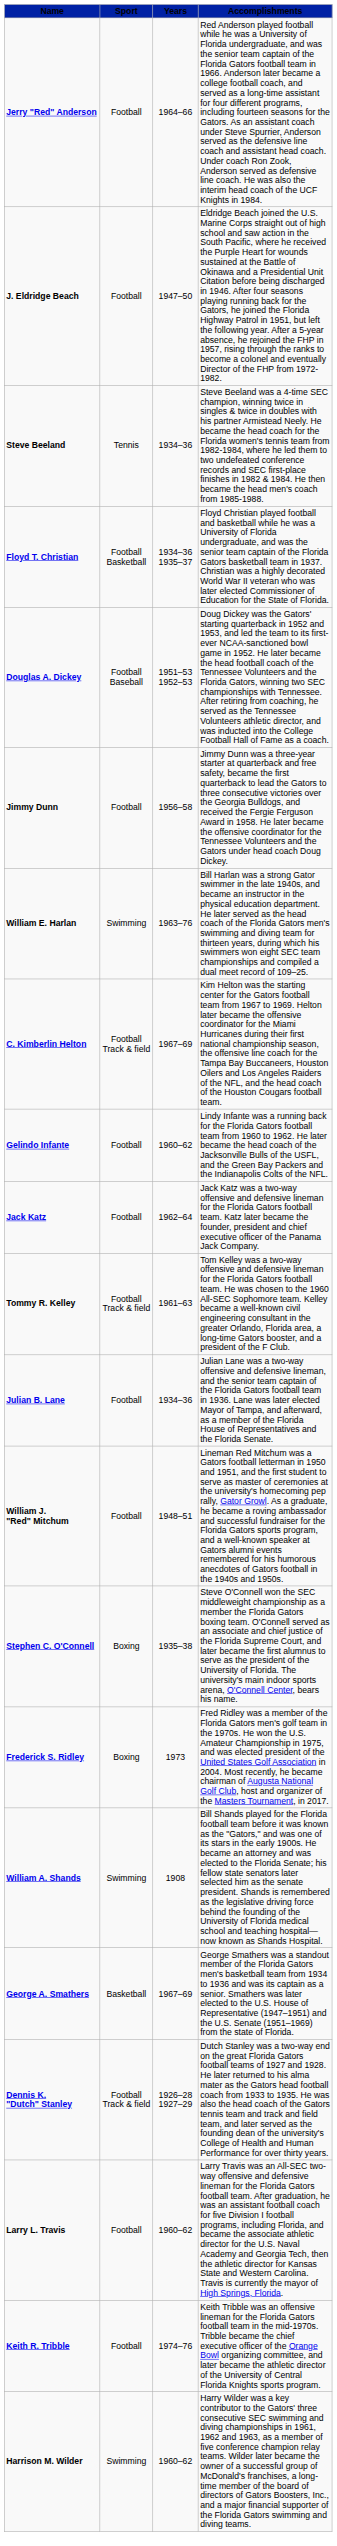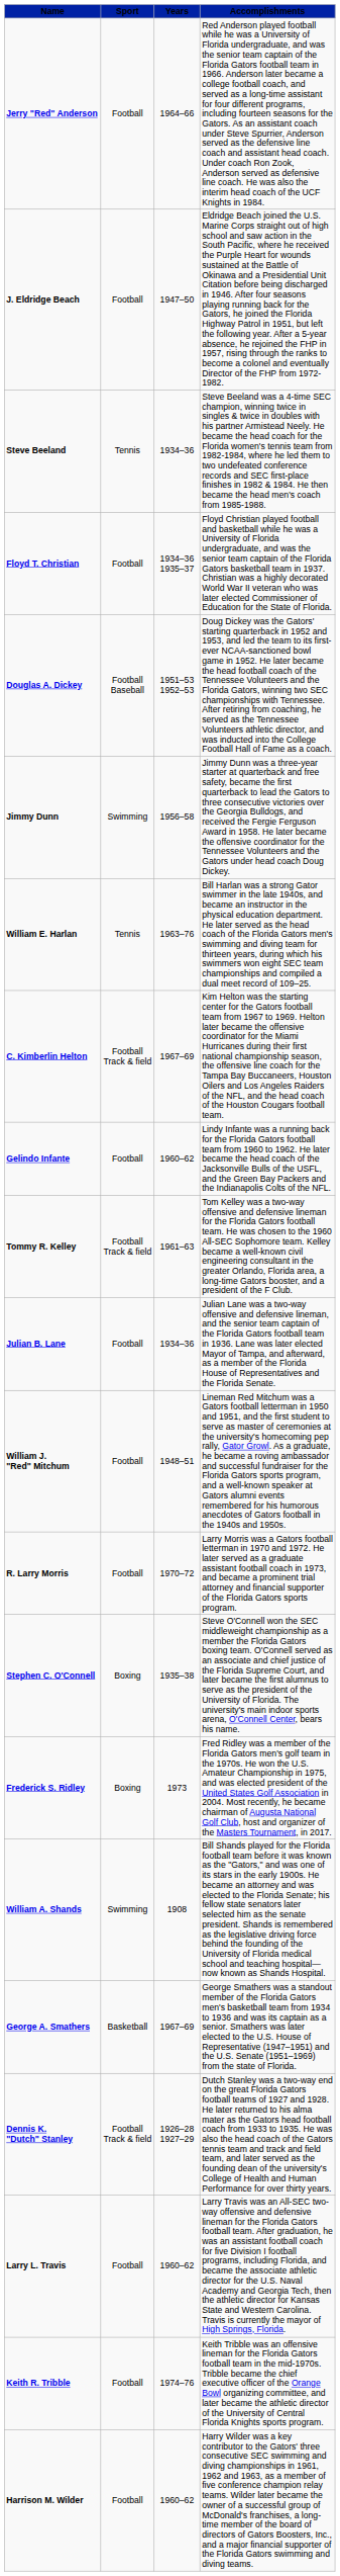 <table class="wikitable">
 <tr>
 <th width=170 style="background:#0021A5;"><span> Name</span></th>
 <th width=90 style="background:#0021A5;"><span> Sport</span></th>
 <th width=77 style="background:#0021A5;"><span> Years</span></th>
 <th style="background:#0021A5;"><span> Accomplishments</span></th>
 </tr>
 <tr>
 <td><strong><a href='#'>Jerry "Red" Anderson</a></strong></td>
 <td align=center>Football</td>
 <td align=center>1964–66</td>
 <td>Red Anderson played football while he was a University of Florida undergraduate, and was the senior team captain of the Florida Gators football team in 1966. Anderson later became a college football coach, and served as a long-time assistant for four different programs, including fourteen seasons for the Gators. As an assistant coach under Steve Spurrier, Anderson served as the defensive line coach and assistant head coach. Under coach Ron Zook, Anderson served as defensive line coach. He was also the interim head coach of the UCF Knights in 1984.</td>
 </tr>
 <tr>
 <td><strong>J. Eldridge Beach</strong></td>
 <td align=center>Football</td>
 <td align=center>1947–50</td>
 <td>Eldridge Beach joined the U.S. Marine Corps straight out of high school and saw action in the South Pacific, where he received the Purple Heart for wounds sustained at the Battle of Okinawa and a Presidential Unit Citation before being discharged in 1946. After four seasons playing running back for the Gators, he joined the Florida Highway Patrol in 1951, but left the following year. After a 5-year absence, he rejoined the FHP in 1957, rising through the ranks to become a colonel and eventually Director of the FHP from 1972-1982.</td>
 </tr>
 <tr>
 <td><strong>Steve Beeland</strong></td>
 <td align=center>Tennis</td>
 <td align=center>1934–36</td>
 <td>Steve Beeland was a 4-time SEC champion, winning twice in singles & twice in doubles with his partner Armistead Neely. He became the head coach for the Florida women's tennis team from 1982-1984, where he led them to two undefeated conference records and SEC first-place finishes in 1982 & 1984. He then became the head men's coach from 1985-1988.</td>
 </tr>
 <tr>
 <td><strong><a href='#'>Floyd T. Christian</a></strong></td>
-<td align=center>Football<br>Basketball</td>
+<td align=center>Football</td>
 <td align=center>1934–36<br>1935–37</td>
 <td>Floyd Christian played football and basketball while he was a University of Florida undergraduate, and was the senior team captain of the Florida Gators basketball team in 1937. Christian was a highly decorated World War II veteran who was later elected Commissioner of Education for the State of Florida.</td>
 </tr>
 <tr>
 <td><strong><a href='#'>Douglas A. Dickey</a></strong></td>
 <td align=center>Football<br>Baseball</td>
 <td align=center>1951–53<br>1952–53</td>
 <td>Doug Dickey was the Gators' starting quarterback in 1952 and 1953, and led the team to its first-ever NCAA-sanctioned bowl game in 1952. He later became the head football coach of the Tennessee Volunteers and the Florida Gators, winning two SEC championships with Tennessee. After retiring from coaching, he served as the Tennessee Volunteers athletic director, and was inducted into the College Football Hall of Fame as a coach.</td>
 </tr>
 <tr>
 <td><strong>Jimmy Dunn</strong></td>
-<td align=center>Football</td>
+<td align=center>Swimming</td>
 <td align=center>1956–58</td>
 <td>Jimmy Dunn was a three-year starter at quarterback and free safety, became the first quarterback to lead the Gators to three consecutive victories over the Georgia Bulldogs, and received the Fergie Ferguson Award in 1958. He later became the offensive coordinator for the Tennessee Volunteers and the Gators under head coach Doug Dickey.</td>
 </tr>
 <tr>
 <td><strong>William E. Harlan</strong></td>
-<td align=center>Swimming</td>
+<td align=center>Tennis</td>
 <td align=center>1963–76</td>
 <td>Bill Harlan was a strong Gator swimmer in the late 1940s, and became an instructor in the physical education department. He later served as the head coach of the Florida Gators men's swimming and diving team for thirteen years, during which his swimmers won eight SEC team championships and compiled a dual meet record of 109–25.</td>
 </tr>
 <tr>
 <td><strong><a href='#'>C. Kimberlin Helton</a></strong></td>
 <td align=center>Football<br>Track & field</td>
 <td align=center>1967–69</td>
 <td>Kim Helton was the starting center for the Gators football team from 1967 to 1969. Helton later became the offensive coordinator for the Miami Hurricanes during their first national championship season, the offensive line coach for the Tampa Bay Buccaneers, Houston Oilers and Los Angeles Raiders of the NFL, and the head coach of the Houston Cougars football team.</td>
 </tr>
 <tr>
 <td><strong><a href='#'>Gelindo Infante</a></strong></td>
 <td align=center>Football</td>
 <td align=center>1960–62</td>
 <td>Lindy Infante was a running back for the Florida Gators football team from 1960 to 1962. He later became the head coach of the Jacksonville Bulls of the USFL, and the Green Bay Packers and the Indianapolis Colts of the NFL.</td>
-</tr>
-<tr>
-<td><strong><a href='#'>Jack Katz</a></strong></td>
-<td align=center>Football</td>
-<td align=center>1962–64</td>
-<td>Jack Katz was a two-way offensive and defensive lineman for the Florida Gators football team. Katz later became the founder, president and chief executive officer of the Panama Jack Company.</td>
 </tr>
 <tr>
 <td><strong>Tommy R. Kelley</strong></td>
 <td align=center>Football<br>Track & field</td>
 <td align=center>1961–63</td>
 <td>Tom Kelley was a two-way offensive and defensive lineman for the Florida Gators football team. He was chosen to the 1960 All-SEC Sophomore team. Kelley became a well-known civil engineering consultant in the greater Orlando, Florida area, a long-time Gators booster, and a president of the F Club.</td>
 </tr>
 <tr>
 <td><strong><a href='#'>Julian B. Lane</a></strong></td>
 <td align=center>Football</td>
 <td align=center>1934–36</td>
 <td>Julian Lane was a two-way offensive and defensive lineman, and the senior team captain of the Florida Gators football team in 1936. Lane was later elected Mayor of Tampa, and afterward, as a member of the Florida House of Representatives and the Florida Senate.</td>
 </tr>
 <tr>
 <td><strong>William J.<br>"Red" Mitchum</strong></td>
 <td align=center>Football</td>
 <td align=center>1948–51</td>
 <td>Lineman Red Mitchum was a Gators football letterman in 1950 and 1951, and the first student to serve as master of ceremonies at the university's homecoming pep rally, <a href='#'>Gator Growl</a>. As a graduate, he became a roving ambassador and successful fundraiser for the Florida Gators sports program, and a well-known speaker at Gators alumni events remembered for his humorous anecdotes of Gators football in the 1940s and 1950s.</td>
+</tr>
+<tr>
+<td><strong>R. Larry Morris</strong></td>
+<td align=center>Football</td>
+<td align=center>1970–72</td>
+<td>Larry Morris was a Gators football letterman in 1970 and 1972. He later served as a graduate assistant football coach in 1973, and became a prominent trial attorney and financial supporter of the Florida Gators sports program.</td>
 </tr>
 <tr>
 <td><strong><a href='#'>Stephen C. O'Connell</a></strong></td>
 <td align=center>Boxing</td>
 <td align=center>1935–38</td>
 <td>Steve O'Connell won the SEC middleweight championship as a member the Florida Gators boxing team. O'Connell served as an associate and chief justice of the Florida Supreme Court, and later became the first alumnus to serve as the president of the University of Florida. The university's main indoor sports arena, <a href='#'>O'Connell Center</a>, bears his name.</td>
 </tr>
 <tr>
 <td><strong><a href='#'>Frederick S. Ridley</a></strong></td>
 <td align=center>Boxing</td>
 <td align=center>1973</td>
 <td>Fred Ridley was a member of the Florida Gators men's golf team in the 1970s. He won the U.S. Amateur Championship in 1975, and was elected president of the <a href='#'>United States Golf Association</a> in 2004. Most recently, he became chairman of <a href='#'>Augusta National Golf Club</a>, host and organizer of the <a href='#'>Masters Tournament</a>, in 2017.</td>
 </tr>
 <tr>
 <td><strong><a href='#'>William A. Shands</a></strong></td>
 <td align=center>Swimming</td>
 <td align=center>1908</td>
 <td>Bill Shands played for the Florida football team before it was known as the "Gators," and was one of its stars in the early 1900s. He became an attorney and was elected to the Florida Senate; his fellow state senators later selected him as the senate president. Shands is remembered as the legislative driving force behind the founding of the University of Florida medical school and teaching hospital—now known as Shands Hospital.</td>
 </tr>
 <tr>
 <td><strong><a href='#'>George A. Smathers</a></strong></td>
 <td align=center>Basketball</td>
 <td align=center>1967–69</td>
 <td>George Smathers was a standout member of the Florida Gators men's basketball team from 1934 to 1936 and was its captain as a senior. Smathers was later elected to the U.S. House of Representative (1947–1951) and the U.S. Senate (1951–1969) from the state of Florida.</td>
 </tr>
 <tr>
 <td><strong><a href='#'>Dennis K.<br>"Dutch" Stanley</a></strong></td>
 <td align=center>Football<br>Track & field</td>
 <td align=center>1926–28<br>1927–29</td>
 <td>Dutch Stanley was a two-way end on the great Florida Gators football teams of 1927 and 1928. He later returned to his alma mater as the Gators head football coach from 1933 to 1935. He was also the head coach of the Gators tennis team and track and field team, and later served as the founding dean of the university's College of Health and Human Performance for over thirty years.</td>
 </tr>
 <tr>
 <td><strong>Larry L. Travis</strong></td>
 <td align=center>Football</td>
 <td align=center>1960–62</td>
 <td>Larry Travis was an All-SEC two-way offensive and defensive lineman for the Florida Gators football team. After graduation, he was an assistant football coach for five Division I football programs, including Florida, and became the associate athletic director for the U.S. Naval Academy and Georgia Tech, then the athletic director for Kansas State and Western Carolina. Travis is currently the mayor of <a href='#'>High Springs, Florida</a>.</td>
 </tr>
 <tr>
 <td><strong><a href='#'>Keith R. Tribble</a></strong></td>
 <td align=center>Football</td>
 <td align=center>1974–76</td>
 <td>Keith Tribble was an offensive lineman for the Florida Gators football team in the mid-1970s. Tribble became the chief executive officer of the <a href='#'>Orange Bowl</a> organizing committee, and later became the athletic director of the University of Central Florida Knights sports program.</td>
 </tr>
 <tr>
 <td><strong>Harrison M. Wilder</strong></td>
-<td align=center>Swimming</td>
+<td align=center>Football</td>
 <td align=center>1960–62</td>
 <td>Harry Wilder was a key contributor to the Gators' three consecutive SEC swimming and diving championships in 1961, 1962 and 1963, as a member of five conference champion relay teams. Wilder later became the owner of a successful group of McDonald's franchises, a long-time member of the board of directors of Gators Boosters, Inc., and a major financial supporter of the Florida Gators swimming and diving teams.</td>
 </tr>
 </table>
